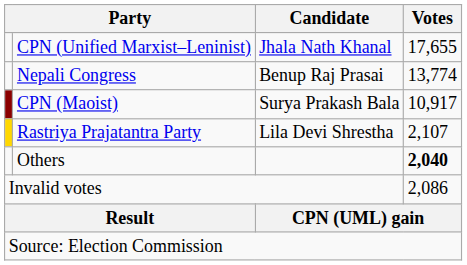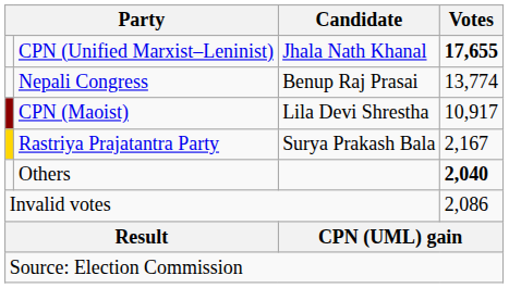 <table class="wikitable">
 <tr>
 <th colspan="2">Party</th>
 <th>Candidate</th>
 <th>Votes</th>
 </tr>
 <tr>
 <td style="background-color:"></td>
 <td><a href='#'>CPN (Unified Marxist–Leninist)</a></td>
 <td><a href='#'>Jhala Nath Khanal</a></td>
-<td>17,655</td>
+<td><strong>17,655</strong></td>
 </tr>
 <tr>
 <td style="background-color:"></td>
 <td><a href='#'>Nepali Congress</a></td>
 <td>Benup Raj Prasai</td>
 <td>13,774</td>
 </tr>
 <tr>
 <td style="background-color:darkred"></td>
 <td><a href='#'>CPN (Maoist)</a></td>
-<td>Surya Prakash Bala</td>
+<td>Lila Devi Shrestha</td>
 <td>10,917</td>
 </tr>
 <tr>
 <td style="background-color:gold"></td>
 <td><a href='#'>Rastriya Prajatantra Party</a></td>
-<td>Lila Devi Shrestha</td>
-<td>2,107</td>
+<td>Surya Prakash Bala</td>
+<td>2,167</td>
 </tr>
 <tr>
 <td></td>
 <td>Others</td>
 <td></td>
 <td><strong>2,040</strong></td>
 </tr>
 <tr>
 <td colspan="3">Invalid votes</td>
 <td>2,086</td>
 </tr>
 <tr>
 <th colspan="2">Result</th>
 <th colspan="2">CPN (UML) gain</th>
 </tr>
 <tr>
 <td colspan="4">Source: Election Commission</td>
 </tr>
 </table>
